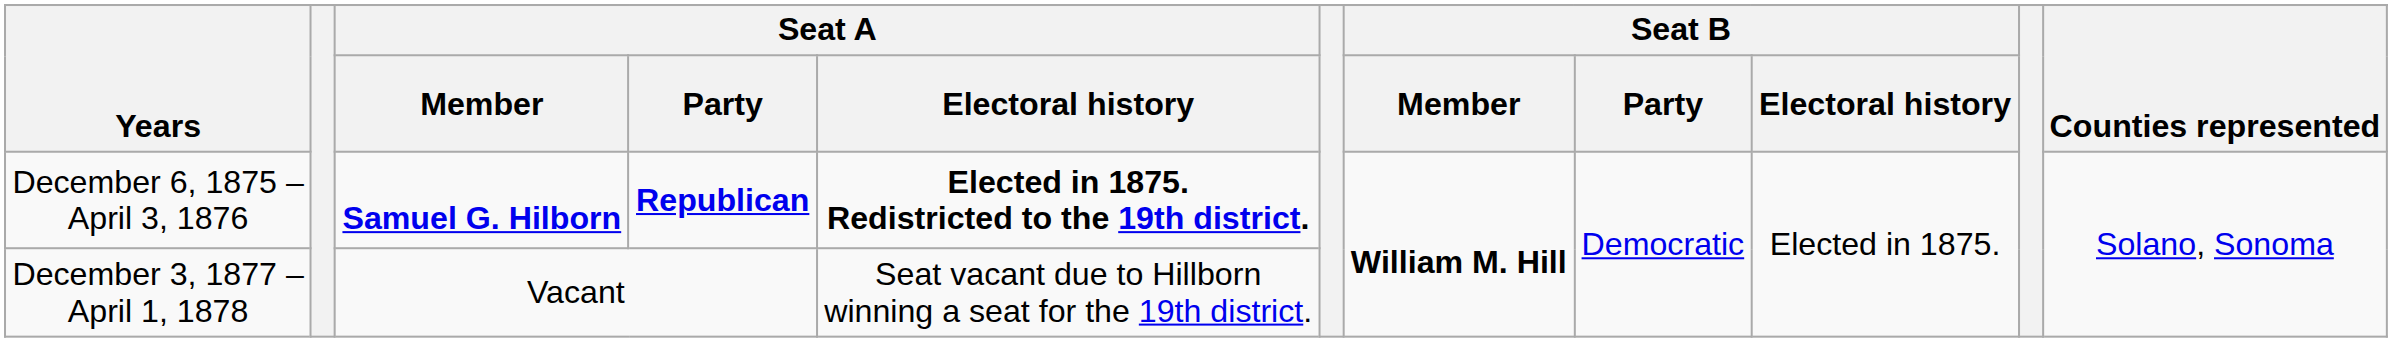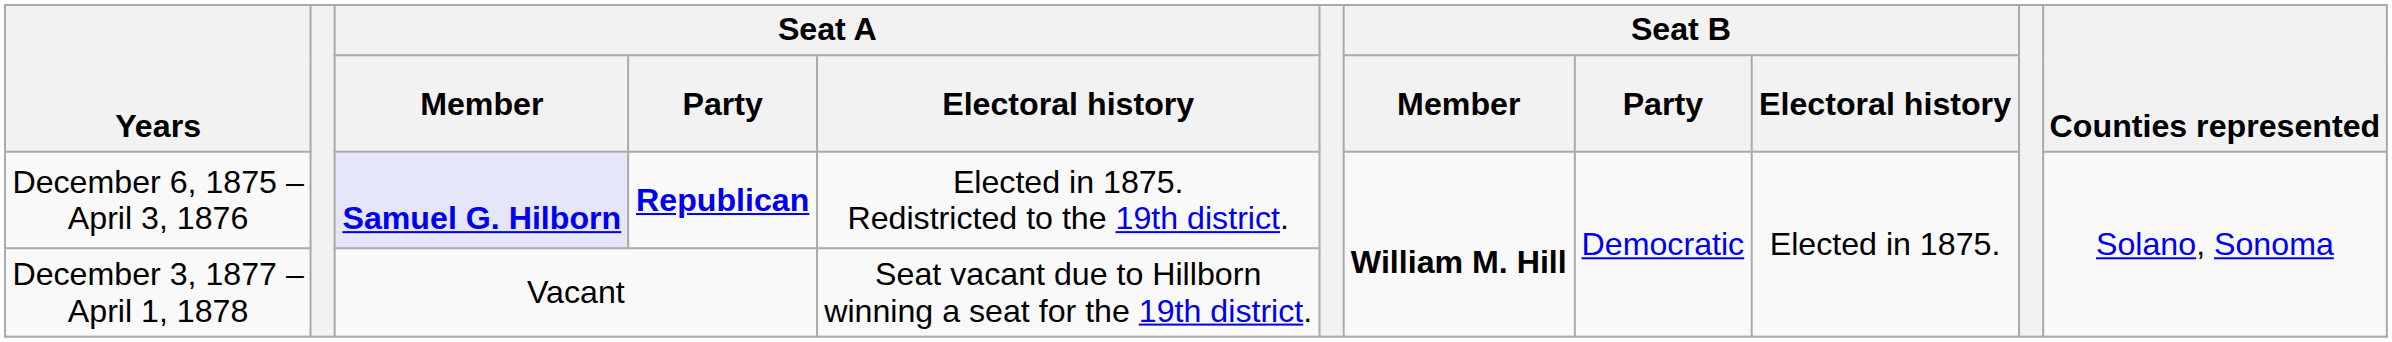 <table class=wikitable style="text-align:center">
 <tr>
 </tr>
 <tr valign=bottom>
 <th rowspan=2>Years</th>
 <th rowspan=20> </th>
 <th colspan=3>Seat A</th>
 <th rowspan=20> </th>
 <th colspan=3>Seat B</th>
 <th rowspan=20> </th>
 <th rowspan=2>Counties represented</th>
 </tr>
 <tr style="height:3em">
 <th>Member</th>
 <th>Party</th>
 <th>Electoral history</th>
 <th>Member</th>
 <th>Party</th>
 <th>Electoral history</th>
 </tr>
 <tr style="height:3em">
 <td nowrap>December 6, 1875 – <br> April 3, 1876</td>
-<td align=left> <br> <strong><a href='#'>Samuel G. Hilborn</a></strong> <br> </td>
+<td align=left style="background: lavender;"> <br> <strong><a href='#'>Samuel G. Hilborn</a></strong> <br> </td>
 <td><strong><a href='#'>Republican</a></strong></td>
-<td><strong>Elected in 1875. <br> Redistricted to the <a href='#'>19th district</a>.</strong></td>
+<td>Elected in 1875. <br> Redistricted to the <a href='#'>19th district</a>.</td>
 <td rowspan=2 align=left> <br> <strong>William M. Hill</strong> <br> </td>
 <td rowspan=2 ><a href='#'>Democratic</a></td>
 <td rowspan=2>Elected in 1875. <br></td>
 <td rowspan=2><a href='#'>Solano</a>, <a href='#'>Sonoma</a></td>
 </tr>
 <tr>
 <td nowrap>December 3, 1877 – <br> April 1, 1878</td>
 <td colspan="2">Vacant</td>
 <td>Seat vacant due to Hillborn <br> winning a seat for the <a href='#'>19th district</a>.</td>
 </tr>
 </table>
